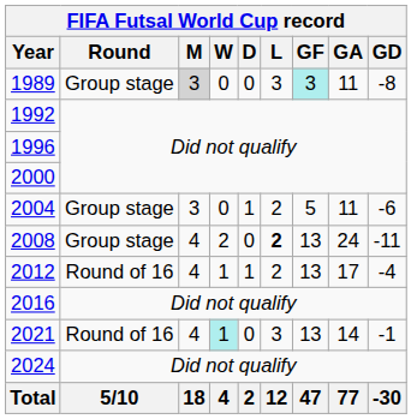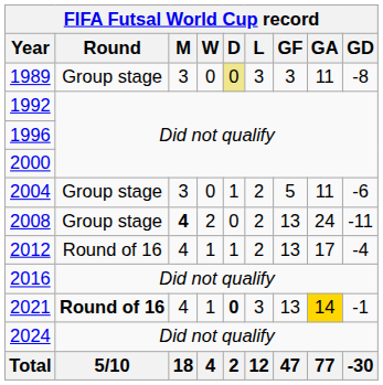 <table class="wikitable sortable" style="text-align: center;font-size:100%;">
 <tr>
 <th colspan=9><a href='#'>FIFA Futsal World Cup</a> record</th>
 </tr>
 <tr>
 <th>Year</th>
 <th>Round</th>
 <th>M</th>
 <th>W</th>
 <th>D</th>
 <th>L</th>
 <th>GF</th>
 <th>GA</th>
 <th>GD</th>
 </tr>
 <tr>
 <td> <a href='#'>1989</a></td>
 <td>Group stage</td>
-<td style="background: lightgrey;">3</td>
+<td>3</td>
 <td>0</td>
-<td>0</td>
+<td style="background: khaki;">0</td>
 <td>3</td>
-<td style="background: paleturquoise;">3</td>
+<td>3</td>
 <td>11</td>
 <td>-8</td>
 </tr>
 <tr - bgcolor=>
 <td> <a href='#'>1992</a></td>
 <td colspan=8 rowspan=3><em>Did not qualify</em></td>
 </tr>
 <tr - bgcolor=>
 <td> <a href='#'>1996</a></td>
 </tr>
 <tr - bgcolor=>
 <td> <a href='#'>2000</a></td>
 </tr>
 <tr - bgcolor=>
 <td> <a href='#'>2004</a></td>
 <td>Group stage</td>
 <td>3</td>
 <td>0</td>
 <td>1</td>
 <td>2</td>
 <td>5</td>
 <td>11</td>
 <td>-6</td>
 </tr>
 <tr - bgcolor=>
 <td> <a href='#'>2008</a></td>
 <td>Group stage</td>
-<td>4</td>
+<td><strong>4</strong></td>
 <td>2</td>
 <td>0</td>
-<td><strong>2</strong></td>
+<td>2</td>
 <td>13</td>
 <td>24</td>
 <td>-11</td>
 </tr>
 <tr - bgcolor=>
 <td> <a href='#'>2012</a></td>
 <td>Round of 16</td>
 <td>4</td>
 <td>1</td>
 <td>1</td>
 <td>2</td>
 <td>13</td>
 <td>17</td>
 <td>-4</td>
 </tr>
 <tr - bgcolor=>
 <td> <a href='#'>2016</a></td>
 <td colspan=8><em>Did not qualify</em></td>
 </tr>
 <tr>
 <td> <a href='#'>2021</a></td>
-<td>Round of 16</td>
+<td><strong>Round of 16</strong></td>
 <td>4</td>
-<td style="background: paleturquoise;">1</td>
-<td>0</td>
+<td>1</td>
+<td><strong>0</strong></td>
 <td>3</td>
 <td>13</td>
-<td>14</td>
+<td style="background: gold;">14</td>
 <td>-1</td>
 </tr>
 <tr - bgcolor=>
 <td> <a href='#'>2024</a></td>
 <td colspan=8><em>Did not qualify</em></td>
 </tr>
 <tr>
 <th><strong>Total</strong></th>
 <th>5/10</th>
 <th>18</th>
 <th>4</th>
 <th>2</th>
 <th>12</th>
 <th>47</th>
 <th>77</th>
 <th>-30</th>
 </tr>
 </table>
